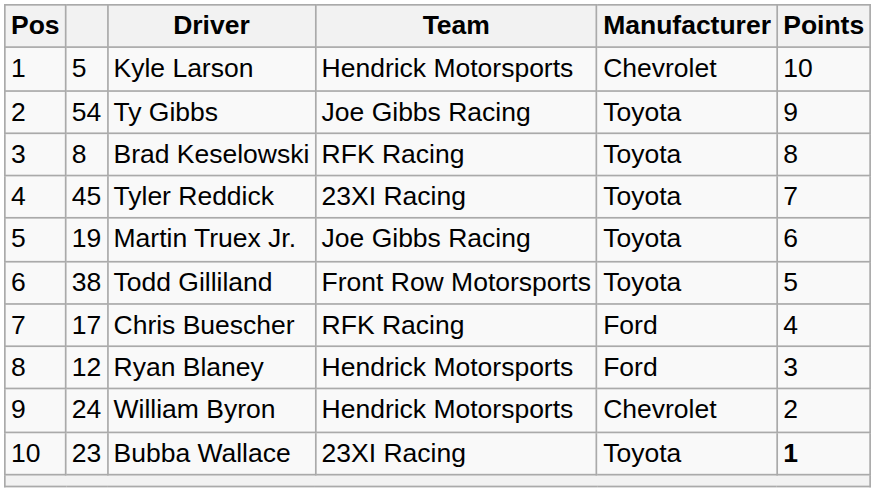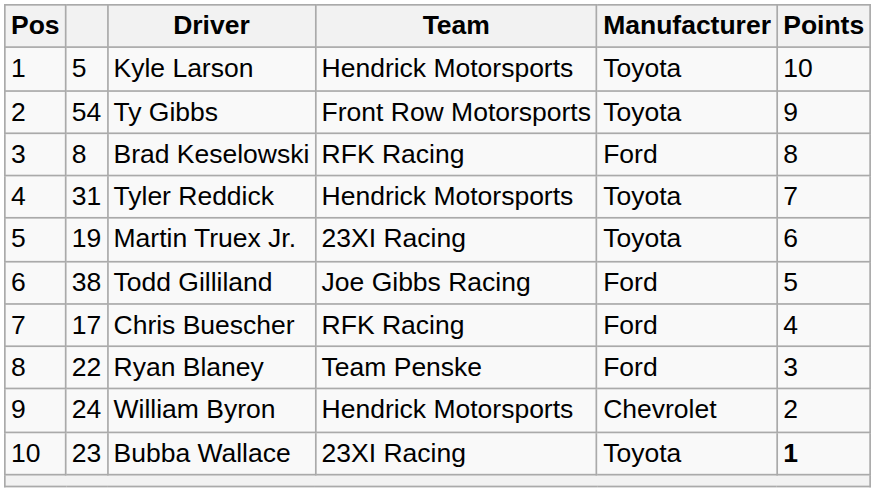 <table class="wikitable" style="font-size:98%">
 <tr>
 <th>Pos</th>
 <th></th>
 <th>Driver</th>
 <th>Team</th>
 <th>Manufacturer</th>
 <th>Points</th>
 </tr>
 <tr>
 <td>1</td>
 <td>5</td>
 <td>Kyle Larson</td>
 <td>Hendrick Motorsports</td>
-<td>Chevrolet</td>
+<td>Toyota</td>
 <td>10</td>
 </tr>
 <tr>
 <td>2</td>
 <td>54</td>
 <td>Ty Gibbs</td>
-<td>Joe Gibbs Racing</td>
+<td>Front Row Motorsports</td>
 <td>Toyota</td>
 <td>9</td>
 </tr>
 <tr>
 <td>3</td>
 <td>8</td>
 <td>Brad Keselowski</td>
 <td>RFK Racing</td>
-<td>Toyota</td>
+<td>Ford</td>
 <td>8</td>
 </tr>
 <tr>
 <td>4</td>
-<td>45</td>
+<td>31</td>
 <td>Tyler Reddick</td>
-<td>23XI Racing</td>
+<td>Hendrick Motorsports</td>
 <td>Toyota</td>
 <td>7</td>
 </tr>
 <tr>
 <td>5</td>
 <td>19</td>
 <td>Martin Truex Jr.</td>
-<td>Joe Gibbs Racing</td>
+<td>23XI Racing</td>
 <td>Toyota</td>
 <td>6</td>
 </tr>
 <tr>
 <td>6</td>
 <td>38</td>
 <td>Todd Gilliland</td>
-<td>Front Row Motorsports</td>
-<td>Toyota</td>
+<td>Joe Gibbs Racing</td>
+<td>Ford</td>
 <td>5</td>
 </tr>
 <tr>
 <td>7</td>
 <td>17</td>
 <td>Chris Buescher</td>
 <td>RFK Racing</td>
 <td>Ford</td>
 <td>4</td>
 </tr>
 <tr>
 <td>8</td>
-<td>12</td>
+<td>22</td>
 <td>Ryan Blaney</td>
-<td>Hendrick Motorsports</td>
+<td>Team Penske</td>
 <td>Ford</td>
 <td>3</td>
 </tr>
 <tr>
 <td>9</td>
 <td>24</td>
 <td>William Byron</td>
 <td>Hendrick Motorsports</td>
 <td>Chevrolet</td>
 <td>2</td>
 </tr>
 <tr>
 <td>10</td>
 <td>23</td>
 <td>Bubba Wallace</td>
 <td>23XI Racing</td>
 <td>Toyota</td>
 <td><strong>1</strong></td>
 </tr>
 <tr>
 <th colspan="6"></th>
 </tr>
 </table>
